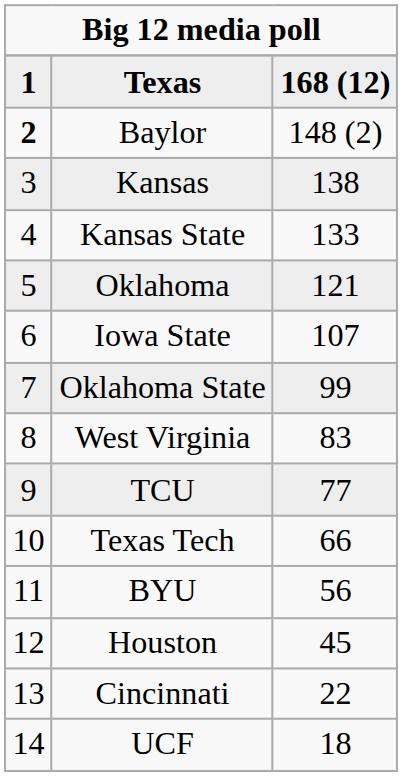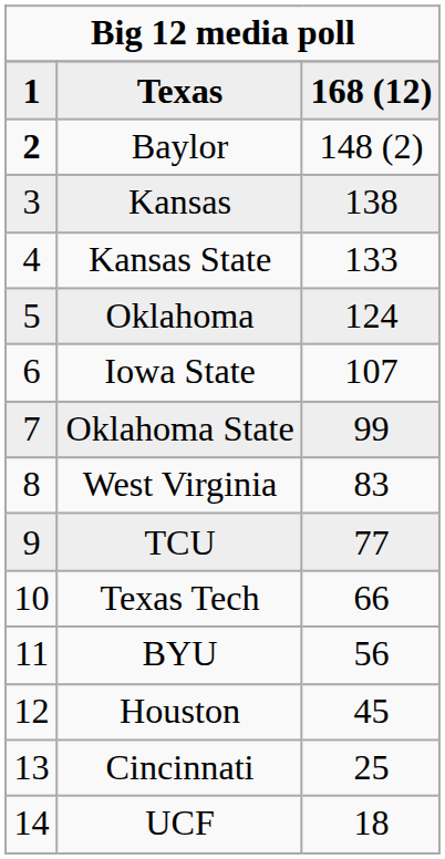 <table class="wikitable" style="display: inline-table;">
 <tr>
 <td align="center" Colspan="3"><strong>Big 12 media poll</strong></td>
 </tr>
 <tr align="center">
 </tr>
 <tr align="center" style="background:#eeeeee;">
 <td><strong>1</strong></td>
 <td><strong>Texas</strong></td>
 <td><strong>168 (12)</strong></td>
 </tr>
 <tr align="center">
 <td><strong>2</strong></td>
 <td>Baylor</td>
 <td>148 (2)</td>
 </tr>
 <tr align="center" style="background:#eeeeee;">
 <td>3</td>
 <td>Kansas</td>
 <td>138</td>
 </tr>
 <tr align="center">
 <td>4</td>
 <td>Kansas State</td>
 <td>133</td>
 </tr>
 <tr align="center" style="background:#eeeeee;">
 <td>5</td>
 <td>Oklahoma</td>
-<td>121</td>
+<td>124</td>
 </tr>
 <tr align="center">
 <td>6</td>
 <td>Iowa State</td>
 <td>107</td>
 </tr>
 <tr align="center" style="background:#eeeeee;">
 <td>7</td>
 <td>Oklahoma State</td>
 <td>99</td>
 </tr>
 <tr align="center">
 <td>8</td>
 <td>West Virginia</td>
 <td>83</td>
 </tr>
 <tr align="center" style="background:#eeeeee;">
 <td>9</td>
 <td>TCU</td>
 <td>77</td>
 </tr>
 <tr align="center">
 <td>10</td>
 <td>Texas Tech</td>
 <td>66</td>
 </tr>
 <tr align="center">
 <td>11</td>
 <td>BYU</td>
 <td>56</td>
 </tr>
 <tr align="center">
 <td>12</td>
 <td>Houston</td>
 <td>45</td>
 </tr>
 <tr align="center">
 <td>13</td>
 <td>Cincinnati</td>
-<td>22</td>
+<td>25</td>
 </tr>
 <tr align="center">
 <td>14</td>
 <td>UCF</td>
 <td>18</td>
 </tr>
 </table>
